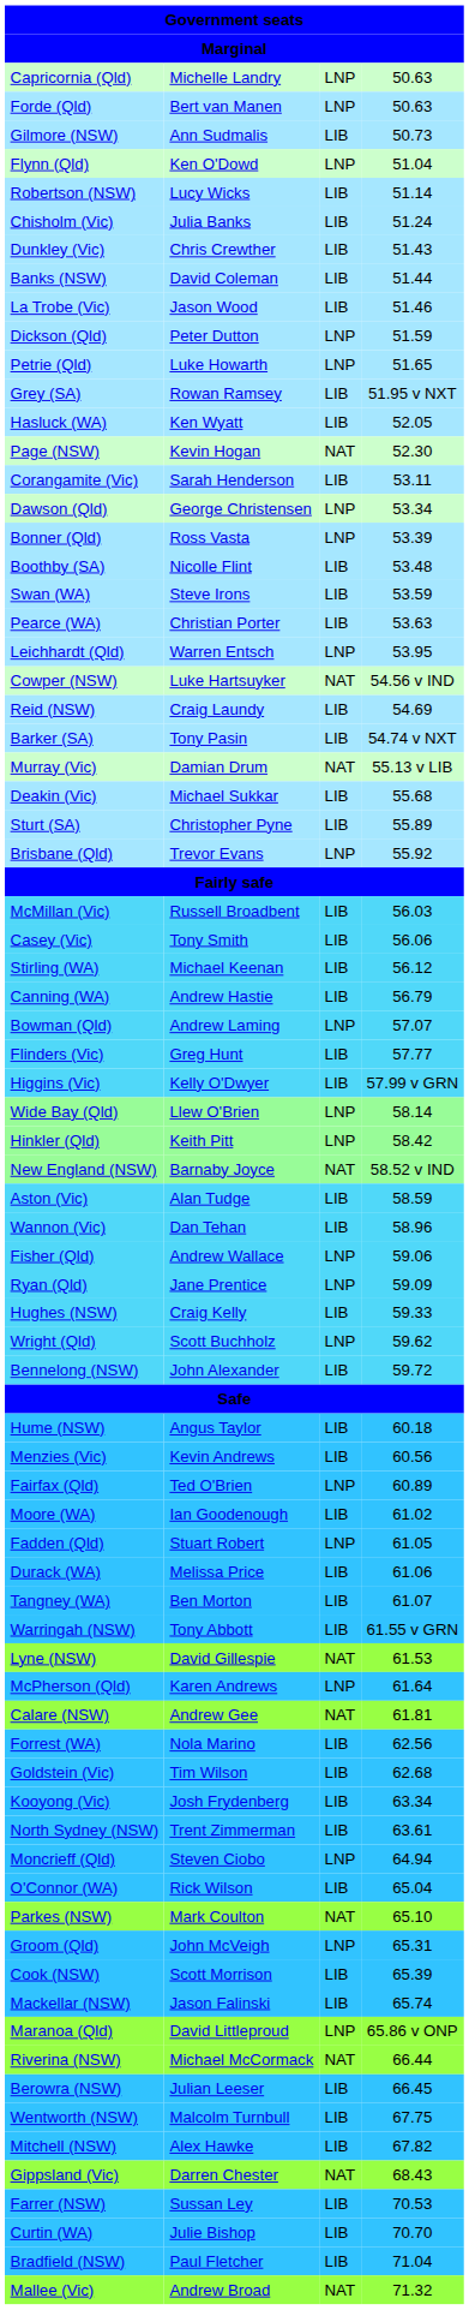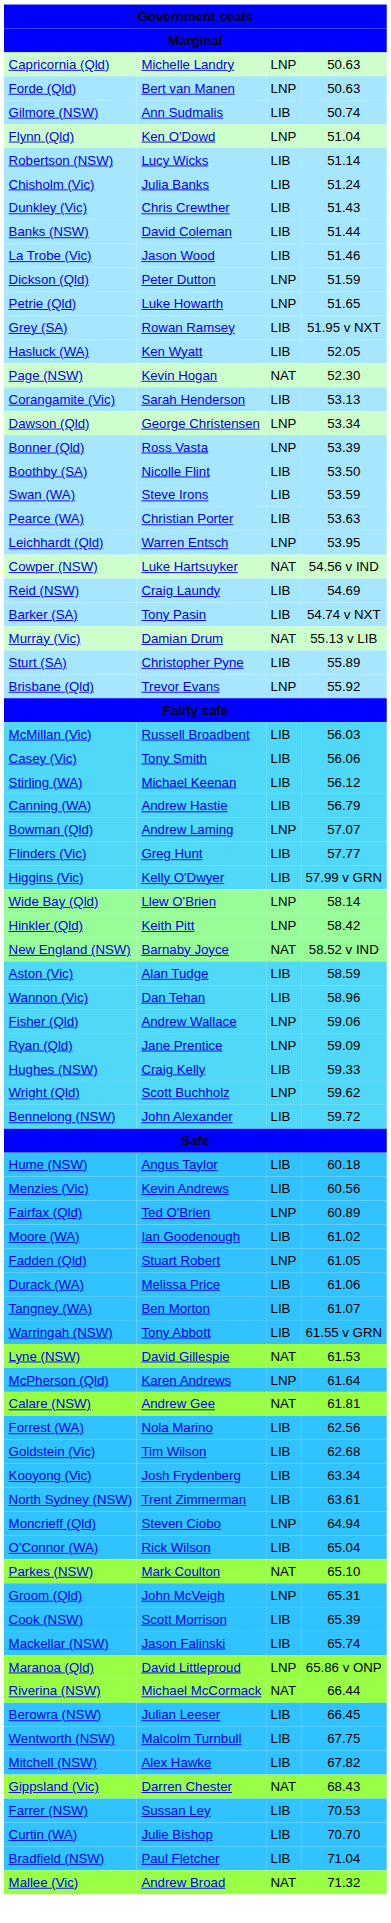 <table class="toccolours" cellpadding="5" cellspacing="0" style="float:left; margin-right:.5em; margin-top:.4em; font-size:90%;">
 <tr>
 <td colspan="4"  style="text-align:center; background:blue;"><span><strong>Government seats</strong></span></td>
 </tr>
 <tr>
 <td colspan="4"  style="text-align:center; background:blue;"><span><strong>Marginal</strong></span></td>
 </tr>
 <tr style=“background:#a6e7ff;”>
 </tr>
 <tr style="background:#cfc;">
 <td><a href='#'>Capricornia (Qld)</a></td>
 <td><a href='#'>Michelle Landry</a></td>
 <td>LNP</td>
 <td style="text-align:center;">50.63</td>
 </tr>
 <tr style="background:#a6e7ff;">
 <td><a href='#'>Forde (Qld)</a></td>
 <td><a href='#'>Bert van Manen</a></td>
 <td>LNP</td>
 <td style="text-align:center;">50.63</td>
 </tr>
 <tr style="background:#a6e7ff;">
 <td><a href='#'>Gilmore (NSW)</a></td>
 <td><a href='#'>Ann Sudmalis</a></td>
 <td>LIB</td>
-<td style="text-align:center;">50.73</td>
+<td style="text-align:center;">50.74</td>
 </tr>
 <tr style="background:#cfc;">
 <td><a href='#'>Flynn (Qld)</a></td>
 <td><a href='#'>Ken O'Dowd</a></td>
 <td>LNP</td>
 <td style="text-align:center;">51.04</td>
 </tr>
 <tr style="background:#a6e7ff;">
 <td><a href='#'>Robertson (NSW)</a></td>
 <td><a href='#'>Lucy Wicks</a></td>
 <td>LIB</td>
 <td style="text-align:center;">51.14</td>
 </tr>
 <tr style="background:#a6e7ff;">
 <td><a href='#'>Chisholm (Vic)</a></td>
 <td><a href='#'>Julia Banks</a></td>
 <td>LIB</td>
 <td style="text-align:center;">51.24</td>
 </tr>
 <tr style="background:#a6e7ff;">
 <td><a href='#'>Dunkley (Vic)</a></td>
 <td><a href='#'>Chris Crewther</a></td>
 <td>LIB</td>
 <td style="text-align:center;">51.43</td>
 </tr>
 <tr style="background:#a6e7ff;">
 <td><a href='#'>Banks (NSW)</a></td>
 <td><a href='#'>David Coleman</a></td>
 <td>LIB</td>
 <td style="text-align:center;">51.44</td>
 </tr>
 <tr style="background:#a6e7ff;">
 <td><a href='#'>La Trobe (Vic)</a></td>
 <td><a href='#'>Jason Wood</a></td>
 <td>LIB</td>
 <td style="text-align:center;">51.46</td>
 </tr>
 <tr style="background:#a6e7ff;">
 <td><a href='#'>Dickson (Qld)</a></td>
 <td><a href='#'>Peter Dutton</a></td>
 <td>LNP</td>
 <td style="text-align:center;">51.59</td>
 </tr>
 <tr style="background:#a6e7ff;">
 <td><a href='#'>Petrie (Qld)</a></td>
 <td><a href='#'>Luke Howarth</a></td>
 <td>LNP</td>
 <td style="text-align:center;">51.65</td>
 </tr>
 <tr style="background:#a6e7ff;">
 <td><a href='#'>Grey (SA)</a></td>
 <td><a href='#'>Rowan Ramsey</a></td>
 <td>LIB</td>
 <td style="text-align:center;">51.95 v NXT</td>
 </tr>
 <tr style="background:#a6e7ff;">
 <td><a href='#'>Hasluck (WA)</a></td>
 <td><a href='#'>Ken Wyatt</a></td>
 <td>LIB</td>
 <td style="text-align:center;">52.05</td>
 </tr>
 <tr style="background:#cfc;">
 <td><a href='#'>Page (NSW)</a></td>
 <td><a href='#'>Kevin Hogan</a></td>
 <td>NAT</td>
 <td style="text-align:center;">52.30</td>
 </tr>
 <tr style="background:#a6e7ff;">
 <td><a href='#'>Corangamite (Vic)</a></td>
 <td><a href='#'>Sarah Henderson</a></td>
 <td>LIB</td>
-<td style="text-align:center;">53.11</td>
+<td style="text-align:center;">53.13</td>
 </tr>
 <tr style="background:#cfc;">
 <td><a href='#'>Dawson (Qld)</a></td>
 <td><a href='#'>George Christensen</a></td>
 <td>LNP</td>
 <td style="text-align:center;">53.34</td>
 </tr>
 <tr style="background:#a6e7ff;">
 <td><a href='#'>Bonner (Qld)</a></td>
 <td><a href='#'>Ross Vasta</a></td>
 <td>LNP</td>
 <td style="text-align:center;">53.39</td>
 </tr>
 <tr style="background:#a6e7ff;">
 <td><a href='#'>Boothby (SA)</a></td>
 <td><a href='#'>Nicolle Flint</a></td>
 <td>LIB</td>
-<td style="text-align:center;">53.48</td>
+<td style="text-align:center;">53.50</td>
 </tr>
 <tr style="background:#a6e7ff;">
 <td><a href='#'>Swan (WA)</a></td>
 <td><a href='#'>Steve Irons</a></td>
 <td>LIB</td>
 <td style="text-align:center;">53.59</td>
 </tr>
 <tr style="background:#a6e7ff;">
 <td><a href='#'>Pearce (WA)</a></td>
 <td><a href='#'>Christian Porter</a></td>
 <td>LIB</td>
 <td style="text-align:center;">53.63</td>
 </tr>
 <tr style="background:#a6e7ff;">
 <td><a href='#'>Leichhardt (Qld)</a></td>
 <td><a href='#'>Warren Entsch</a></td>
 <td>LNP</td>
 <td style="text-align:center;">53.95</td>
 </tr>
 <tr style="background:#cfc;">
 <td><a href='#'>Cowper (NSW)</a></td>
 <td><a href='#'>Luke Hartsuyker</a></td>
 <td>NAT</td>
 <td style="text-align:center;">54.56 v IND</td>
 </tr>
 <tr style="background:#a6e7ff;">
 <td><a href='#'>Reid (NSW)</a></td>
 <td><a href='#'>Craig Laundy</a></td>
 <td>LIB</td>
 <td style="text-align:center;">54.69</td>
 </tr>
 <tr style="background:#a6e7ff;">
 <td><a href='#'>Barker (SA)</a></td>
 <td><a href='#'>Tony Pasin</a></td>
 <td>LIB</td>
 <td style="text-align:center;">54.74 v NXT</td>
 </tr>
 <tr style="background:#cfc;">
 <td><a href='#'>Murray (Vic)</a></td>
 <td><a href='#'>Damian Drum</a></td>
 <td>NAT</td>
 <td style="text-align:center;">55.13 v LIB</td>
-</tr>
-<tr style="background:#a6e7ff;">
-<td><a href='#'>Deakin (Vic)</a></td>
-<td><a href='#'>Michael Sukkar</a></td>
-<td>LIB</td>
-<td style="text-align:center;">55.68</td>
 </tr>
 <tr style="background:#a6e7ff;">
 <td><a href='#'>Sturt (SA)</a></td>
 <td><a href='#'>Christopher Pyne</a></td>
 <td>LIB</td>
 <td style="text-align:center;">55.89</td>
 </tr>
 <tr style="background:#a6e7ff;">
 <td><a href='#'>Brisbane (Qld)</a></td>
 <td><a href='#'>Trevor Evans</a></td>
 <td>LNP</td>
 <td style="text-align:center;">55.92</td>
 </tr>
 <tr>
 <td colspan="4"  style="text-align:center; background:blue;"><span><strong>Fairly safe</strong></span></td>
 </tr>
 <tr style="background:#50d8f9;">
 <td><a href='#'>McMillan (Vic)</a></td>
 <td><a href='#'>Russell Broadbent</a></td>
 <td>LIB</td>
 <td style="text-align:center;">56.03</td>
 </tr>
 <tr style="background:#50d8f9;">
 <td><a href='#'>Casey (Vic)</a></td>
 <td><a href='#'>Tony Smith</a></td>
 <td>LIB</td>
 <td style="text-align:center;">56.06</td>
 </tr>
 <tr style="background:#50d8f9;">
 <td><a href='#'>Stirling (WA)</a></td>
 <td><a href='#'>Michael Keenan</a></td>
 <td>LIB</td>
 <td style="text-align:center;">56.12</td>
 </tr>
 <tr style="background:#50d8f9;">
 <td><a href='#'>Canning (WA)</a></td>
 <td><a href='#'>Andrew Hastie</a></td>
 <td>LIB</td>
 <td style="text-align:center;">56.79</td>
 </tr>
 <tr style="background:#50d8f9;">
 <td><a href='#'>Bowman (Qld)</a></td>
 <td><a href='#'>Andrew Laming</a></td>
 <td>LNP</td>
 <td style="text-align:center;">57.07</td>
 </tr>
 <tr style="background:#50d8f9;">
 <td><a href='#'>Flinders (Vic)</a></td>
 <td><a href='#'>Greg Hunt</a></td>
 <td>LIB</td>
 <td style="text-align:center;">57.77</td>
 </tr>
 <tr style="background:#50d8f9;">
 <td><a href='#'>Higgins (Vic)</a></td>
 <td><a href='#'>Kelly O'Dwyer</a></td>
 <td>LIB</td>
 <td style="text-align:center;">57.99 v GRN</td>
 </tr>
 <tr style="background:#98fc98;">
 <td><a href='#'>Wide Bay (Qld)</a></td>
 <td><a href='#'>Llew O'Brien</a></td>
 <td>LNP</td>
 <td style="text-align:center;">58.14</td>
 </tr>
 <tr style="background:#98fc98;">
 <td><a href='#'>Hinkler (Qld)</a></td>
 <td><a href='#'>Keith Pitt</a></td>
 <td>LNP</td>
 <td style="text-align:center;">58.42</td>
 </tr>
 <tr style="background:#98fc98;">
 <td><a href='#'>New England (NSW)</a></td>
 <td><a href='#'>Barnaby Joyce</a></td>
 <td>NAT</td>
 <td style="text-align:center;">58.52 v IND</td>
 </tr>
 <tr style="background:#50d8f9;">
 <td><a href='#'>Aston (Vic)</a></td>
 <td><a href='#'>Alan Tudge</a></td>
 <td>LIB</td>
 <td style="text-align:center;">58.59</td>
 </tr>
 <tr style="background:#50d8f9;">
 <td><a href='#'>Wannon (Vic)</a></td>
 <td><a href='#'>Dan Tehan</a></td>
 <td>LIB</td>
 <td style="text-align:center;">58.96</td>
 </tr>
 <tr style="background:#50d8f9;">
 <td><a href='#'>Fisher (Qld)</a></td>
 <td><a href='#'>Andrew Wallace</a></td>
 <td>LNP</td>
 <td style="text-align:center;">59.06</td>
 </tr>
 <tr style="background:#50d8f9;">
 <td><a href='#'>Ryan (Qld)</a></td>
 <td><a href='#'>Jane Prentice</a></td>
 <td>LNP</td>
 <td style="text-align:center;">59.09</td>
 </tr>
 <tr style="background:#50d8f9;">
 <td><a href='#'>Hughes (NSW)</a></td>
 <td><a href='#'>Craig Kelly</a></td>
 <td>LIB</td>
 <td style="text-align:center;">59.33</td>
 </tr>
 <tr style="background:#50d8f9;">
 <td><a href='#'>Wright (Qld)</a></td>
 <td><a href='#'>Scott Buchholz</a></td>
 <td>LNP</td>
 <td style="text-align:center;">59.62</td>
 </tr>
 <tr style="background:#50d8f9;">
 <td><a href='#'>Bennelong (NSW)</a></td>
 <td><a href='#'>John Alexander</a></td>
 <td>LIB</td>
 <td style="text-align:center;">59.72</td>
 </tr>
 <tr>
 <td colspan="4"  style="text-align:center; background:blue;"><span><strong>Safe</strong></span></td>
 </tr>
 <tr style="background:#31c3ff;">
 <td><a href='#'>Hume (NSW)</a></td>
 <td><a href='#'>Angus Taylor</a></td>
 <td>LIB</td>
 <td style="text-align:center;">60.18</td>
 </tr>
 <tr style="background:#31c3ff;">
 <td><a href='#'>Menzies (Vic)</a></td>
 <td><a href='#'>Kevin Andrews</a></td>
 <td>LIB</td>
 <td style="text-align:center;">60.56</td>
 </tr>
 <tr style="background:#31c3ff;">
 <td><a href='#'>Fairfax (Qld)</a></td>
 <td><a href='#'>Ted O'Brien</a></td>
 <td>LNP</td>
 <td style="text-align:center;">60.89</td>
 </tr>
 <tr style="background:#31c3ff;">
 <td><a href='#'>Moore (WA)</a></td>
 <td><a href='#'>Ian Goodenough</a></td>
 <td>LIB</td>
 <td style="text-align:center;">61.02</td>
 </tr>
 <tr style="background:#31c3ff;">
 <td><a href='#'>Fadden (Qld)</a></td>
 <td><a href='#'>Stuart Robert</a></td>
 <td>LNP</td>
 <td style="text-align:center;">61.05</td>
 </tr>
 <tr style="background:#31c3ff;">
 <td><a href='#'>Durack (WA)</a></td>
 <td><a href='#'>Melissa Price</a></td>
 <td>LIB</td>
 <td style="text-align:center;">61.06</td>
 </tr>
 <tr style="background:#31c3ff;">
 <td><a href='#'>Tangney (WA)</a></td>
 <td><a href='#'>Ben Morton</a></td>
 <td>LIB</td>
 <td style="text-align:center;">61.07</td>
 </tr>
 <tr style="background:#31c3ff;">
 <td><a href='#'>Warringah (NSW)</a></td>
 <td><a href='#'>Tony Abbott</a></td>
 <td>LIB</td>
 <td style="text-align:center;">61.55 v GRN</td>
 </tr>
 <tr style="background:#98ff44;">
 <td><a href='#'>Lyne (NSW)</a></td>
 <td><a href='#'>David Gillespie</a></td>
 <td>NAT</td>
 <td style="text-align:center;">61.53</td>
 </tr>
 <tr style="background:#31c3ff;">
 <td><a href='#'>McPherson (Qld)</a></td>
 <td><a href='#'>Karen Andrews</a></td>
 <td>LNP</td>
 <td style="text-align:center;">61.64</td>
 </tr>
 <tr style="background:#98ff44;">
 <td><a href='#'>Calare (NSW)</a></td>
 <td><a href='#'>Andrew Gee</a></td>
 <td>NAT</td>
 <td style="text-align:center;">61.81</td>
 </tr>
 <tr style="background:#31c3ff;">
 <td><a href='#'>Forrest (WA)</a></td>
 <td><a href='#'>Nola Marino</a></td>
 <td>LIB</td>
 <td style="text-align:center;">62.56</td>
 </tr>
 <tr style="background:#31c3ff;">
 <td><a href='#'>Goldstein (Vic)</a></td>
 <td><a href='#'>Tim Wilson</a></td>
 <td>LIB</td>
 <td style="text-align:center;">62.68</td>
 </tr>
 <tr style="background:#31c3ff;">
 <td><a href='#'>Kooyong (Vic)</a></td>
 <td><a href='#'>Josh Frydenberg</a></td>
 <td>LIB</td>
 <td style="text-align:center;">63.34</td>
 </tr>
 <tr style="background:#31c3ff;">
 <td><a href='#'>North Sydney (NSW)</a></td>
 <td><a href='#'>Trent Zimmerman</a></td>
 <td>LIB</td>
 <td style="text-align:center;">63.61</td>
 </tr>
 <tr style="background:#31c3ff;">
 <td><a href='#'>Moncrieff (Qld)</a></td>
 <td><a href='#'>Steven Ciobo</a></td>
 <td>LNP</td>
 <td style="text-align:center;">64.94</td>
 </tr>
 <tr style="background:#31c3ff;">
 <td><a href='#'>O'Connor (WA)</a></td>
 <td><a href='#'>Rick Wilson</a></td>
 <td>LIB</td>
 <td style="text-align:center;">65.04</td>
 </tr>
 <tr style="background:#98ff44;">
 <td><a href='#'>Parkes (NSW)</a></td>
 <td><a href='#'>Mark Coulton</a></td>
 <td>NAT</td>
 <td style="text-align:center;">65.10</td>
 </tr>
 <tr style="background:#31c3ff;">
 <td><a href='#'>Groom (Qld)</a></td>
 <td><a href='#'>John McVeigh</a></td>
 <td>LNP</td>
 <td style="text-align:center;">65.31</td>
 </tr>
 <tr style="background:#31c3ff;">
 <td><a href='#'>Cook (NSW)</a></td>
 <td><a href='#'>Scott Morrison</a></td>
 <td>LIB</td>
 <td style="text-align:center;">65.39</td>
 </tr>
 <tr style="background:#31c3ff;">
 <td><a href='#'>Mackellar (NSW)</a></td>
 <td><a href='#'>Jason Falinski</a></td>
 <td>LIB</td>
 <td style="text-align:center;">65.74</td>
 </tr>
 <tr style="background:#98ff44;">
 <td><a href='#'>Maranoa (Qld)</a></td>
 <td><a href='#'>David Littleproud</a></td>
 <td>LNP</td>
 <td style="text-align:center;">65.86 v ONP</td>
 </tr>
 <tr style="background:#98ff44;">
 <td><a href='#'>Riverina (NSW)</a></td>
 <td><a href='#'>Michael McCormack</a></td>
 <td>NAT</td>
 <td style="text-align:center;">66.44</td>
 </tr>
 <tr style="background:#31c3ff;">
 <td><a href='#'>Berowra (NSW)</a></td>
 <td><a href='#'>Julian Leeser</a></td>
 <td>LIB</td>
 <td style="text-align:center;">66.45</td>
 </tr>
 <tr style="background:#31c3ff;">
 <td><a href='#'>Wentworth (NSW)</a></td>
 <td><a href='#'>Malcolm Turnbull</a></td>
 <td>LIB</td>
 <td style="text-align:center;">67.75</td>
 </tr>
 <tr style="background:#31c3ff;">
 <td><a href='#'>Mitchell (NSW)</a></td>
 <td><a href='#'>Alex Hawke</a></td>
 <td>LIB</td>
 <td style="text-align:center;">67.82</td>
 </tr>
 <tr style="background:#98ff44;">
 <td><a href='#'>Gippsland (Vic)</a></td>
 <td><a href='#'>Darren Chester</a></td>
 <td>NAT</td>
 <td style="text-align:center;">68.43</td>
 </tr>
 <tr style="background:#31c3ff;">
 <td><a href='#'>Farrer (NSW)</a></td>
 <td><a href='#'>Sussan Ley</a></td>
 <td>LIB</td>
 <td style="text-align:center;">70.53</td>
 </tr>
 <tr style="background:#31c3ff;">
 <td><a href='#'>Curtin (WA)</a></td>
 <td><a href='#'>Julie Bishop</a></td>
 <td>LIB</td>
 <td style="text-align:center;">70.70</td>
 </tr>
 <tr style="background:#31c3ff;">
 <td><a href='#'>Bradfield (NSW)</a></td>
 <td><a href='#'>Paul Fletcher</a></td>
 <td>LIB</td>
 <td style="text-align:center;">71.04</td>
 </tr>
 <tr style="background:#98ff44;">
 <td><a href='#'>Mallee (Vic)</a></td>
 <td><a href='#'>Andrew Broad</a></td>
 <td>NAT</td>
 <td style="text-align:center;">71.32</td>
 </tr>
 </table>
